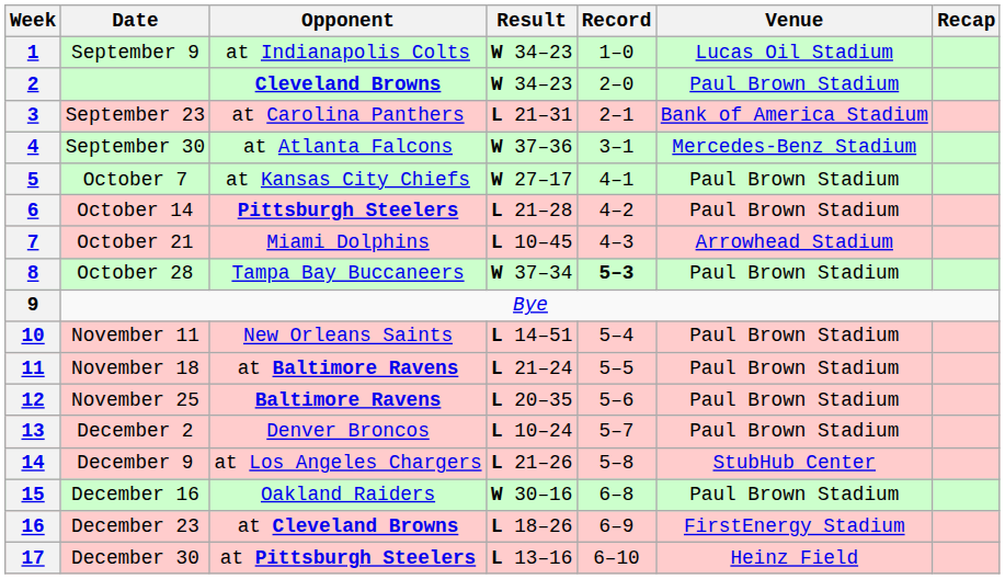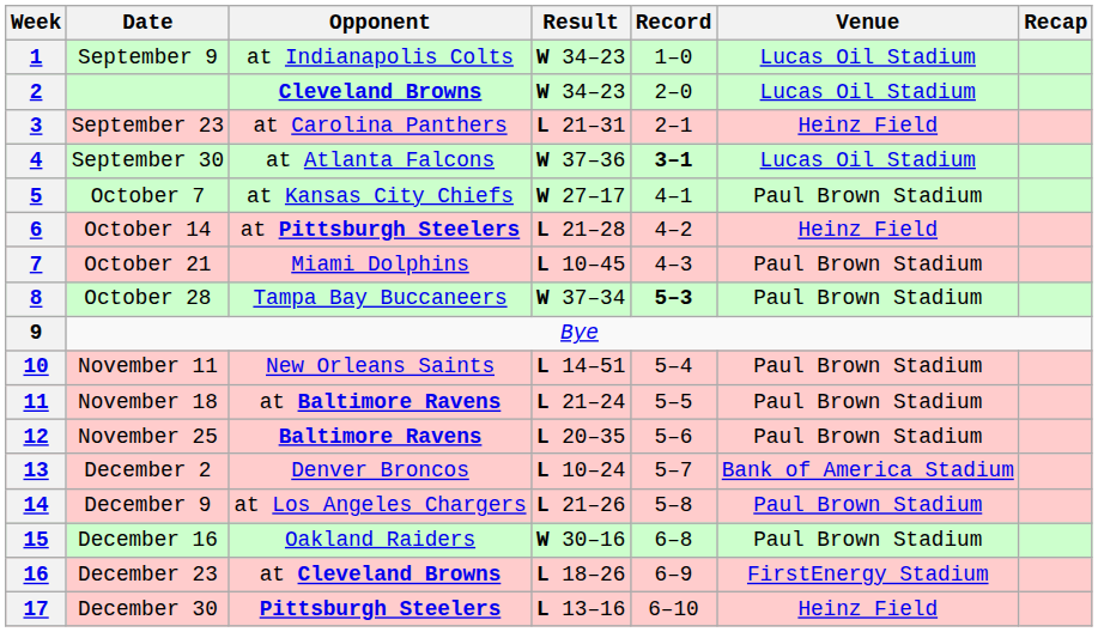 <table class="wikitable" style="text-align:center">
 <tr>
 <th>Week</th>
 <th>Date</th>
 <th>Opponent</th>
 <th>Result</th>
 <th>Record</th>
 <th>Venue</th>
 <th>Recap</th>
 </tr>
 <tr style="background:#cfc">
 <th><a href='#'>1</a></th>
 <td>September 9</td>
 <td>at <a href='#'>Indianapolis Colts</a></td>
 <td><strong>W</strong> 34–23</td>
 <td>1–0</td>
 <td><a href='#'>Lucas Oil Stadium</a></td>
 <td></td>
 </tr>
 <tr style="background:#cfc">
 <th><a href='#'>2</a></th>
 <td></td>
 <td><strong><a href='#'>Cleveland Browns</a></strong></td>
 <td><strong>W</strong> 34–23</td>
 <td>2–0</td>
-<td><a href='#'>Paul Brown Stadium</a></td>
+<td><a href='#'>Lucas Oil Stadium</a></td>
 <td></td>
 </tr>
 <tr style="background:#fcc">
 <th><a href='#'>3</a></th>
 <td>September 23</td>
 <td>at <a href='#'>Carolina Panthers</a></td>
 <td><strong>L</strong> 21–31</td>
 <td>2–1</td>
-<td><a href='#'>Bank of America Stadium</a></td>
+<td><a href='#'>Heinz Field</a></td>
 <td></td>
 </tr>
 <tr style="background:#cfc">
 <th><a href='#'>4</a></th>
 <td>September 30</td>
 <td>at <a href='#'>Atlanta Falcons</a></td>
 <td><strong>W</strong> 37–36</td>
-<td>3–1</td>
-<td><a href='#'>Mercedes-Benz Stadium</a></td>
+<td><strong>3–1</strong></td>
+<td><a href='#'>Lucas Oil Stadium</a></td>
 <td></td>
 </tr>
 <tr style="background:#cfc">
 <th><a href='#'>5</a></th>
 <td>October 7</td>
 <td>at <a href='#'>Kansas City Chiefs</a></td>
 <td><strong>W</strong> 27–17</td>
 <td>4–1</td>
 <td>Paul Brown Stadium</td>
 <td></td>
 </tr>
 <tr style="background:#fcc">
 <th><a href='#'>6</a></th>
 <td>October 14</td>
-<td><strong><a href='#'>Pittsburgh Steelers</a></strong></td>
+<td>at <strong><a href='#'>Pittsburgh Steelers</a></strong></td>
 <td><strong>L</strong> 21–28</td>
 <td>4–2</td>
-<td>Paul Brown Stadium</td>
+<td><a href='#'>Heinz Field</a></td>
 <td></td>
 </tr>
 <tr style="background:#fcc">
 <th><a href='#'>7</a></th>
 <td>October 21</td>
 <td><a href='#'>Miami Dolphins</a></td>
 <td><strong>L</strong> 10–45</td>
 <td>4–3</td>
-<td><a href='#'>Arrowhead Stadium</a></td>
+<td>Paul Brown Stadium</td>
 <td></td>
 </tr>
 <tr style="background:#cfc">
 <th><a href='#'>8</a></th>
 <td>October 28</td>
 <td><a href='#'>Tampa Bay Buccaneers</a></td>
 <td><strong>W</strong> 37–34</td>
 <td><strong>5–3</strong></td>
 <td>Paul Brown Stadium</td>
 <td></td>
 </tr>
 <tr>
 <th>9</th>
 <td colspan="6"><em><a href='#'>Bye</a></em></td>
 </tr>
 <tr style="background:#fcc">
 <th><a href='#'>10</a></th>
 <td>November 11</td>
 <td><a href='#'>New Orleans Saints</a></td>
 <td><strong>L</strong> 14–51</td>
 <td>5–4</td>
 <td>Paul Brown Stadium</td>
 <td></td>
 </tr>
 <tr style="background:#fcc">
 <th><a href='#'>11</a></th>
 <td>November 18</td>
 <td>at <strong><a href='#'>Baltimore Ravens</a></strong></td>
 <td><strong>L</strong> 21–24</td>
 <td>5–5</td>
 <td>Paul Brown Stadium</td>
 <td></td>
 </tr>
 <tr style="background:#fcc">
 <th><a href='#'>12</a></th>
 <td>November 25</td>
 <td><strong><a href='#'>Baltimore Ravens</a></strong></td>
 <td><strong>L</strong> 20–35</td>
 <td>5–6</td>
 <td>Paul Brown Stadium</td>
 <td></td>
 </tr>
 <tr style="background:#fcc">
 <th><a href='#'>13</a></th>
 <td>December 2</td>
 <td><a href='#'>Denver Broncos</a></td>
 <td><strong>L</strong> 10–24</td>
 <td>5–7</td>
-<td>Paul Brown Stadium</td>
+<td><a href='#'>Bank of America Stadium</a></td>
 <td></td>
 </tr>
 <tr style="background:#fcc">
 <th><a href='#'>14</a></th>
 <td>December 9</td>
 <td>at <a href='#'>Los Angeles Chargers</a></td>
 <td><strong>L</strong> 21–26</td>
 <td>5–8</td>
-<td><a href='#'>StubHub Center</a></td>
+<td><a href='#'>Paul Brown Stadium</a></td>
 <td></td>
 </tr>
 <tr style="background:#cfc">
 <th><a href='#'>15</a></th>
 <td>December 16</td>
 <td><a href='#'>Oakland Raiders</a></td>
 <td><strong>W</strong> 30–16</td>
 <td>6–8</td>
 <td>Paul Brown Stadium</td>
 <td></td>
 </tr>
 <tr style="background:#fcc">
 <th><a href='#'>16</a></th>
 <td>December 23</td>
 <td>at <strong><a href='#'>Cleveland Browns</a></strong></td>
 <td><strong>L</strong> 18–26</td>
 <td>6–9</td>
 <td><a href='#'>FirstEnergy Stadium</a></td>
 <td></td>
 </tr>
 <tr style="background:#fcc">
 <th><a href='#'>17</a></th>
 <td>December 30</td>
-<td>at <strong><a href='#'>Pittsburgh Steelers</a></strong></td>
+<td><strong><a href='#'>Pittsburgh Steelers</a></strong></td>
 <td><strong>L</strong> 13–16</td>
 <td>6–10</td>
 <td><a href='#'>Heinz Field</a></td>
 <td></td>
 </tr>
 </table>
